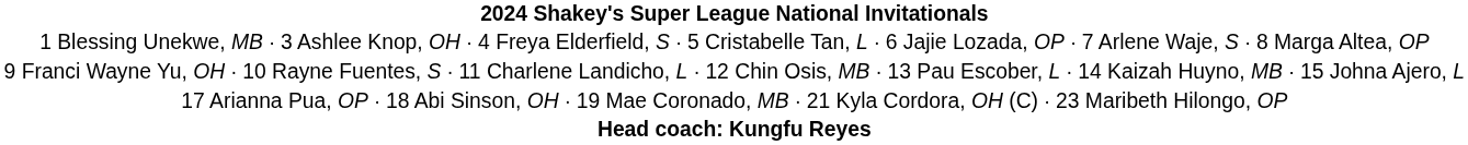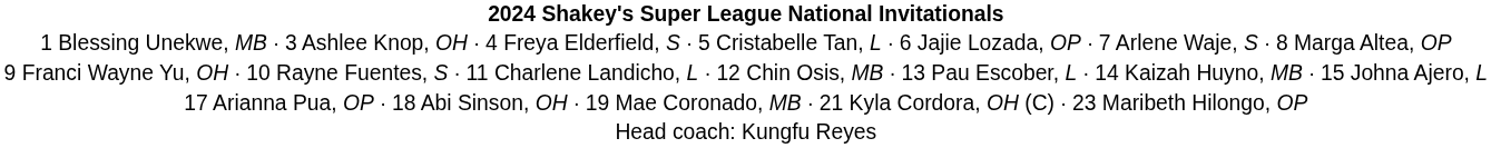 <table class=toccolours width=100% style=font-size:95%>
 <tr>
 <th style=>2024 Shakey's Super League National Invitationals</th>
 </tr>
 <tr align=center>
 <td>1 Blessing Unekwe, <em>MB</em> ∙ 3 Ashlee Knop, <em>OH</em> ∙ 4 Freya Elderfield, <em>S</em> ∙ 5 Cristabelle Tan, <em>L</em> ∙ 6 Jajie Lozada, <em>OP</em> ∙ 7 Arlene Waje, <em>S</em> ∙ 8 Marga Altea, <em>OP</em></td>
 </tr>
 <tr align=center>
 <td>9 Franci Wayne Yu, <em>OH</em> ∙ 10 Rayne Fuentes, <em>S</em> ∙ 11 Charlene Landicho, <em>L</em> ∙ 12 Chin Osis, <em>MB</em> ∙ 13 Pau Escober, <em>L</em> ∙ 14 Kaizah Huyno, <em>MB</em> ∙ 15 Johna Ajero, <em>L</em></td>
 </tr>
 <tr align=center>
 <td>17 Arianna Pua, <em>OP</em> ∙ 18 Abi Sinson, <em>OH</em> ∙ 19 Mae Coronado, <em>MB</em> ∙ 21 Kyla Cordora, <em>OH</em> (C) ∙ 23 Maribeth Hilongo, <em>OP</em></td>
 </tr>
 <tr align=center>
-<td><strong>Head coach: Kungfu Reyes</strong></td>
+<td>Head coach: Kungfu Reyes</td>
 </tr>
 </table>
